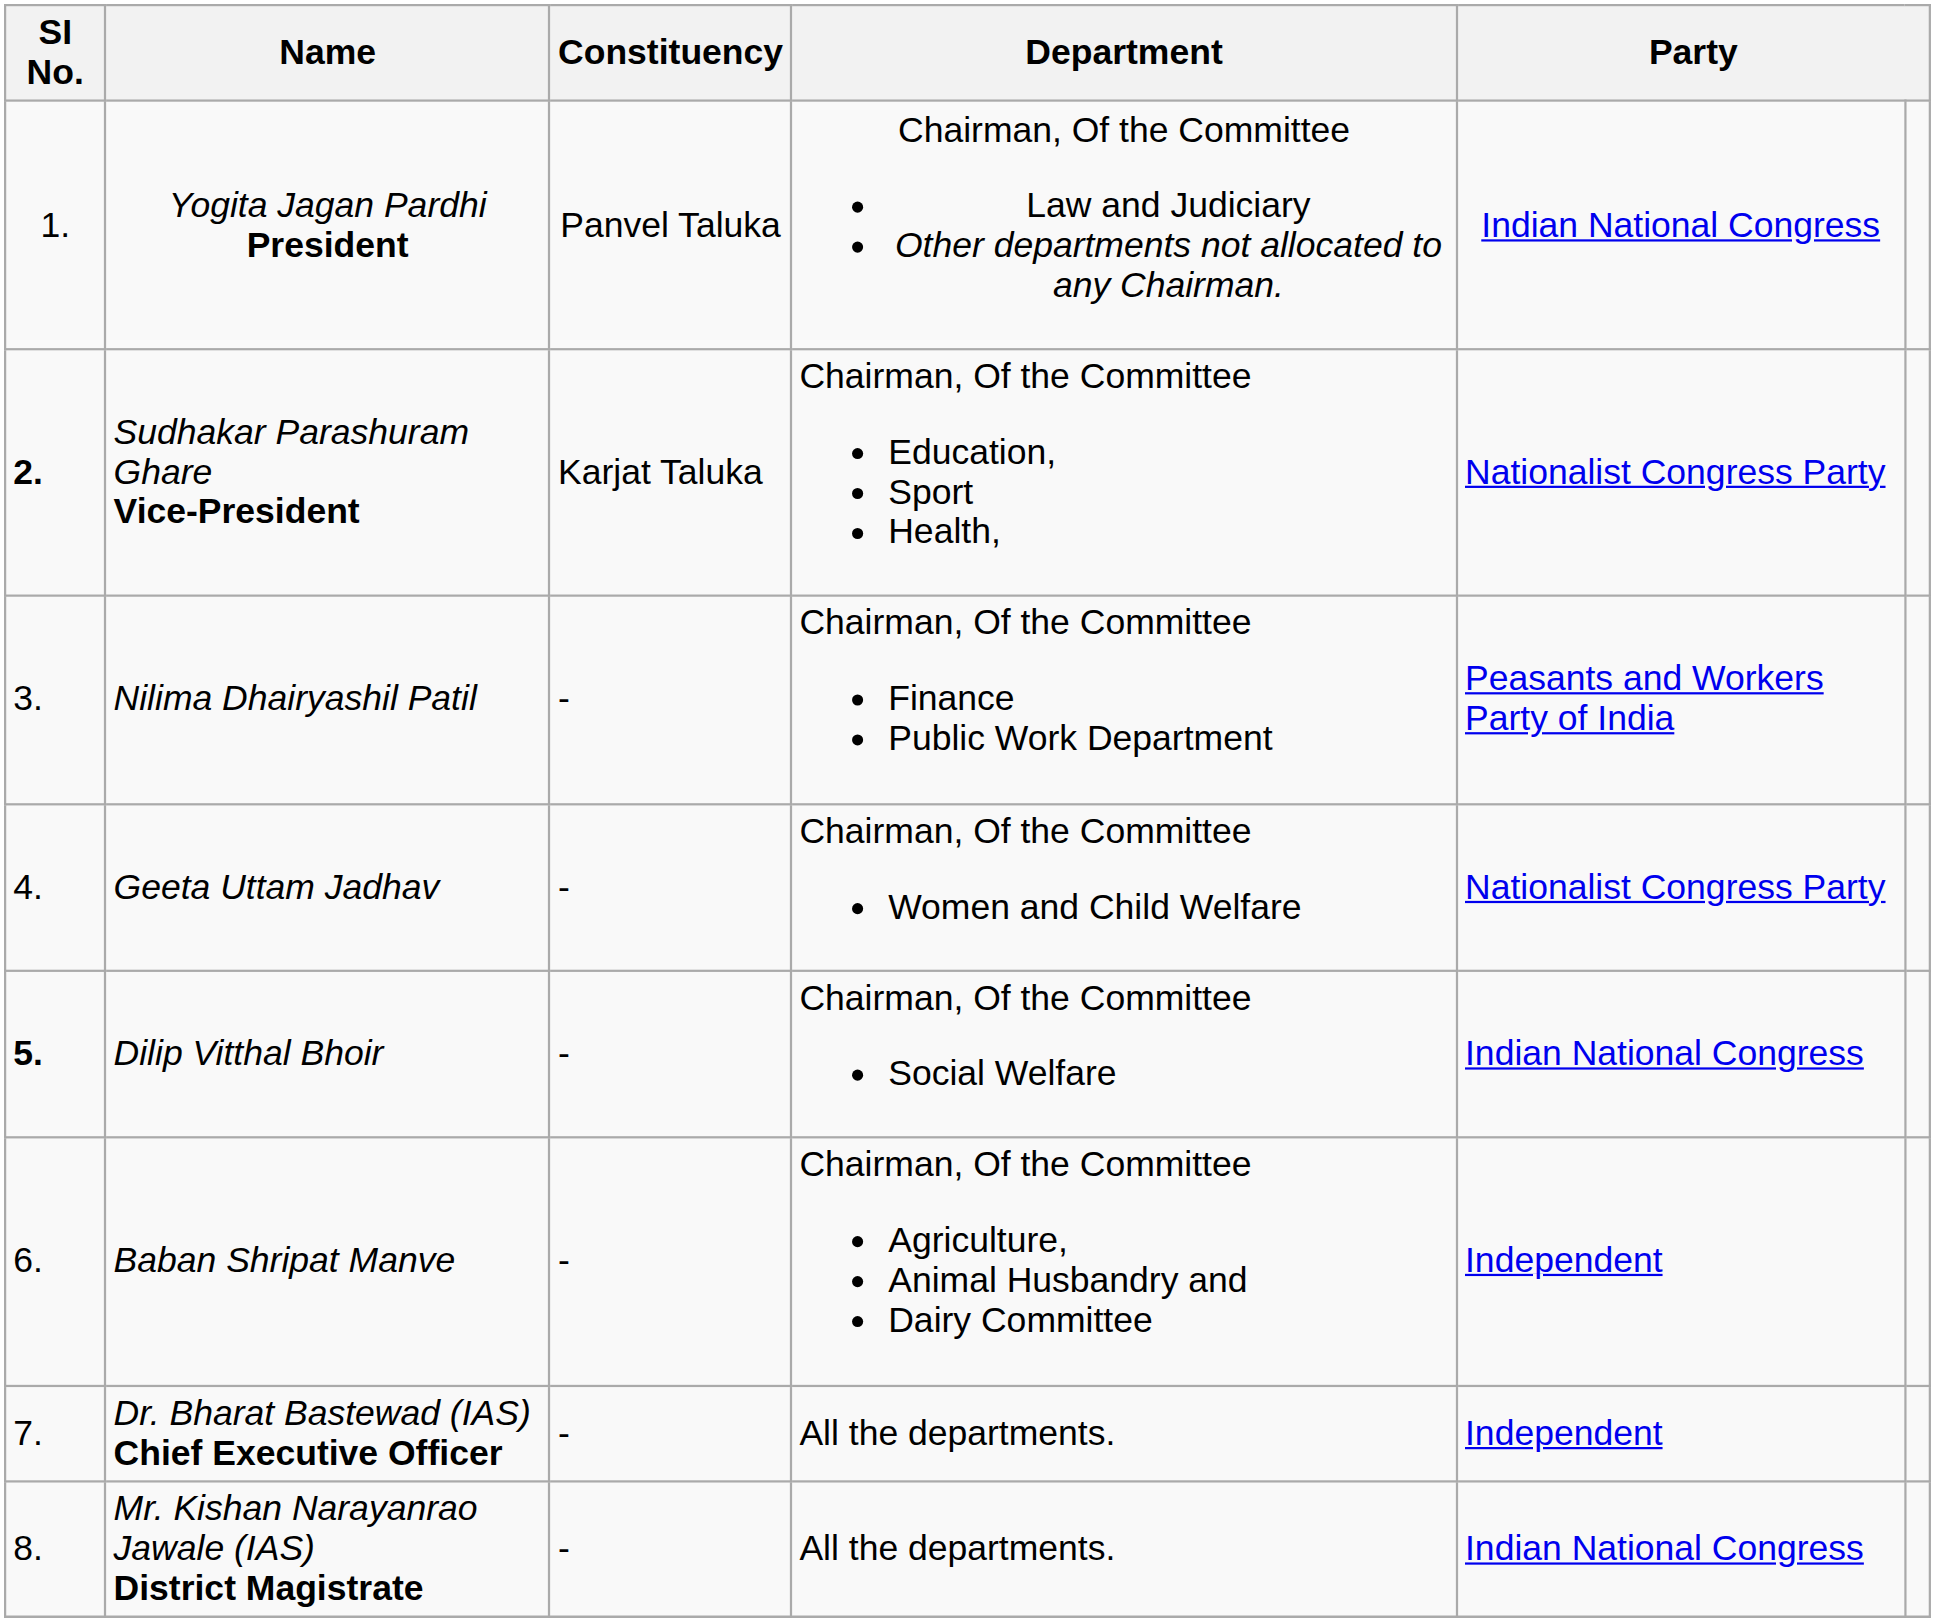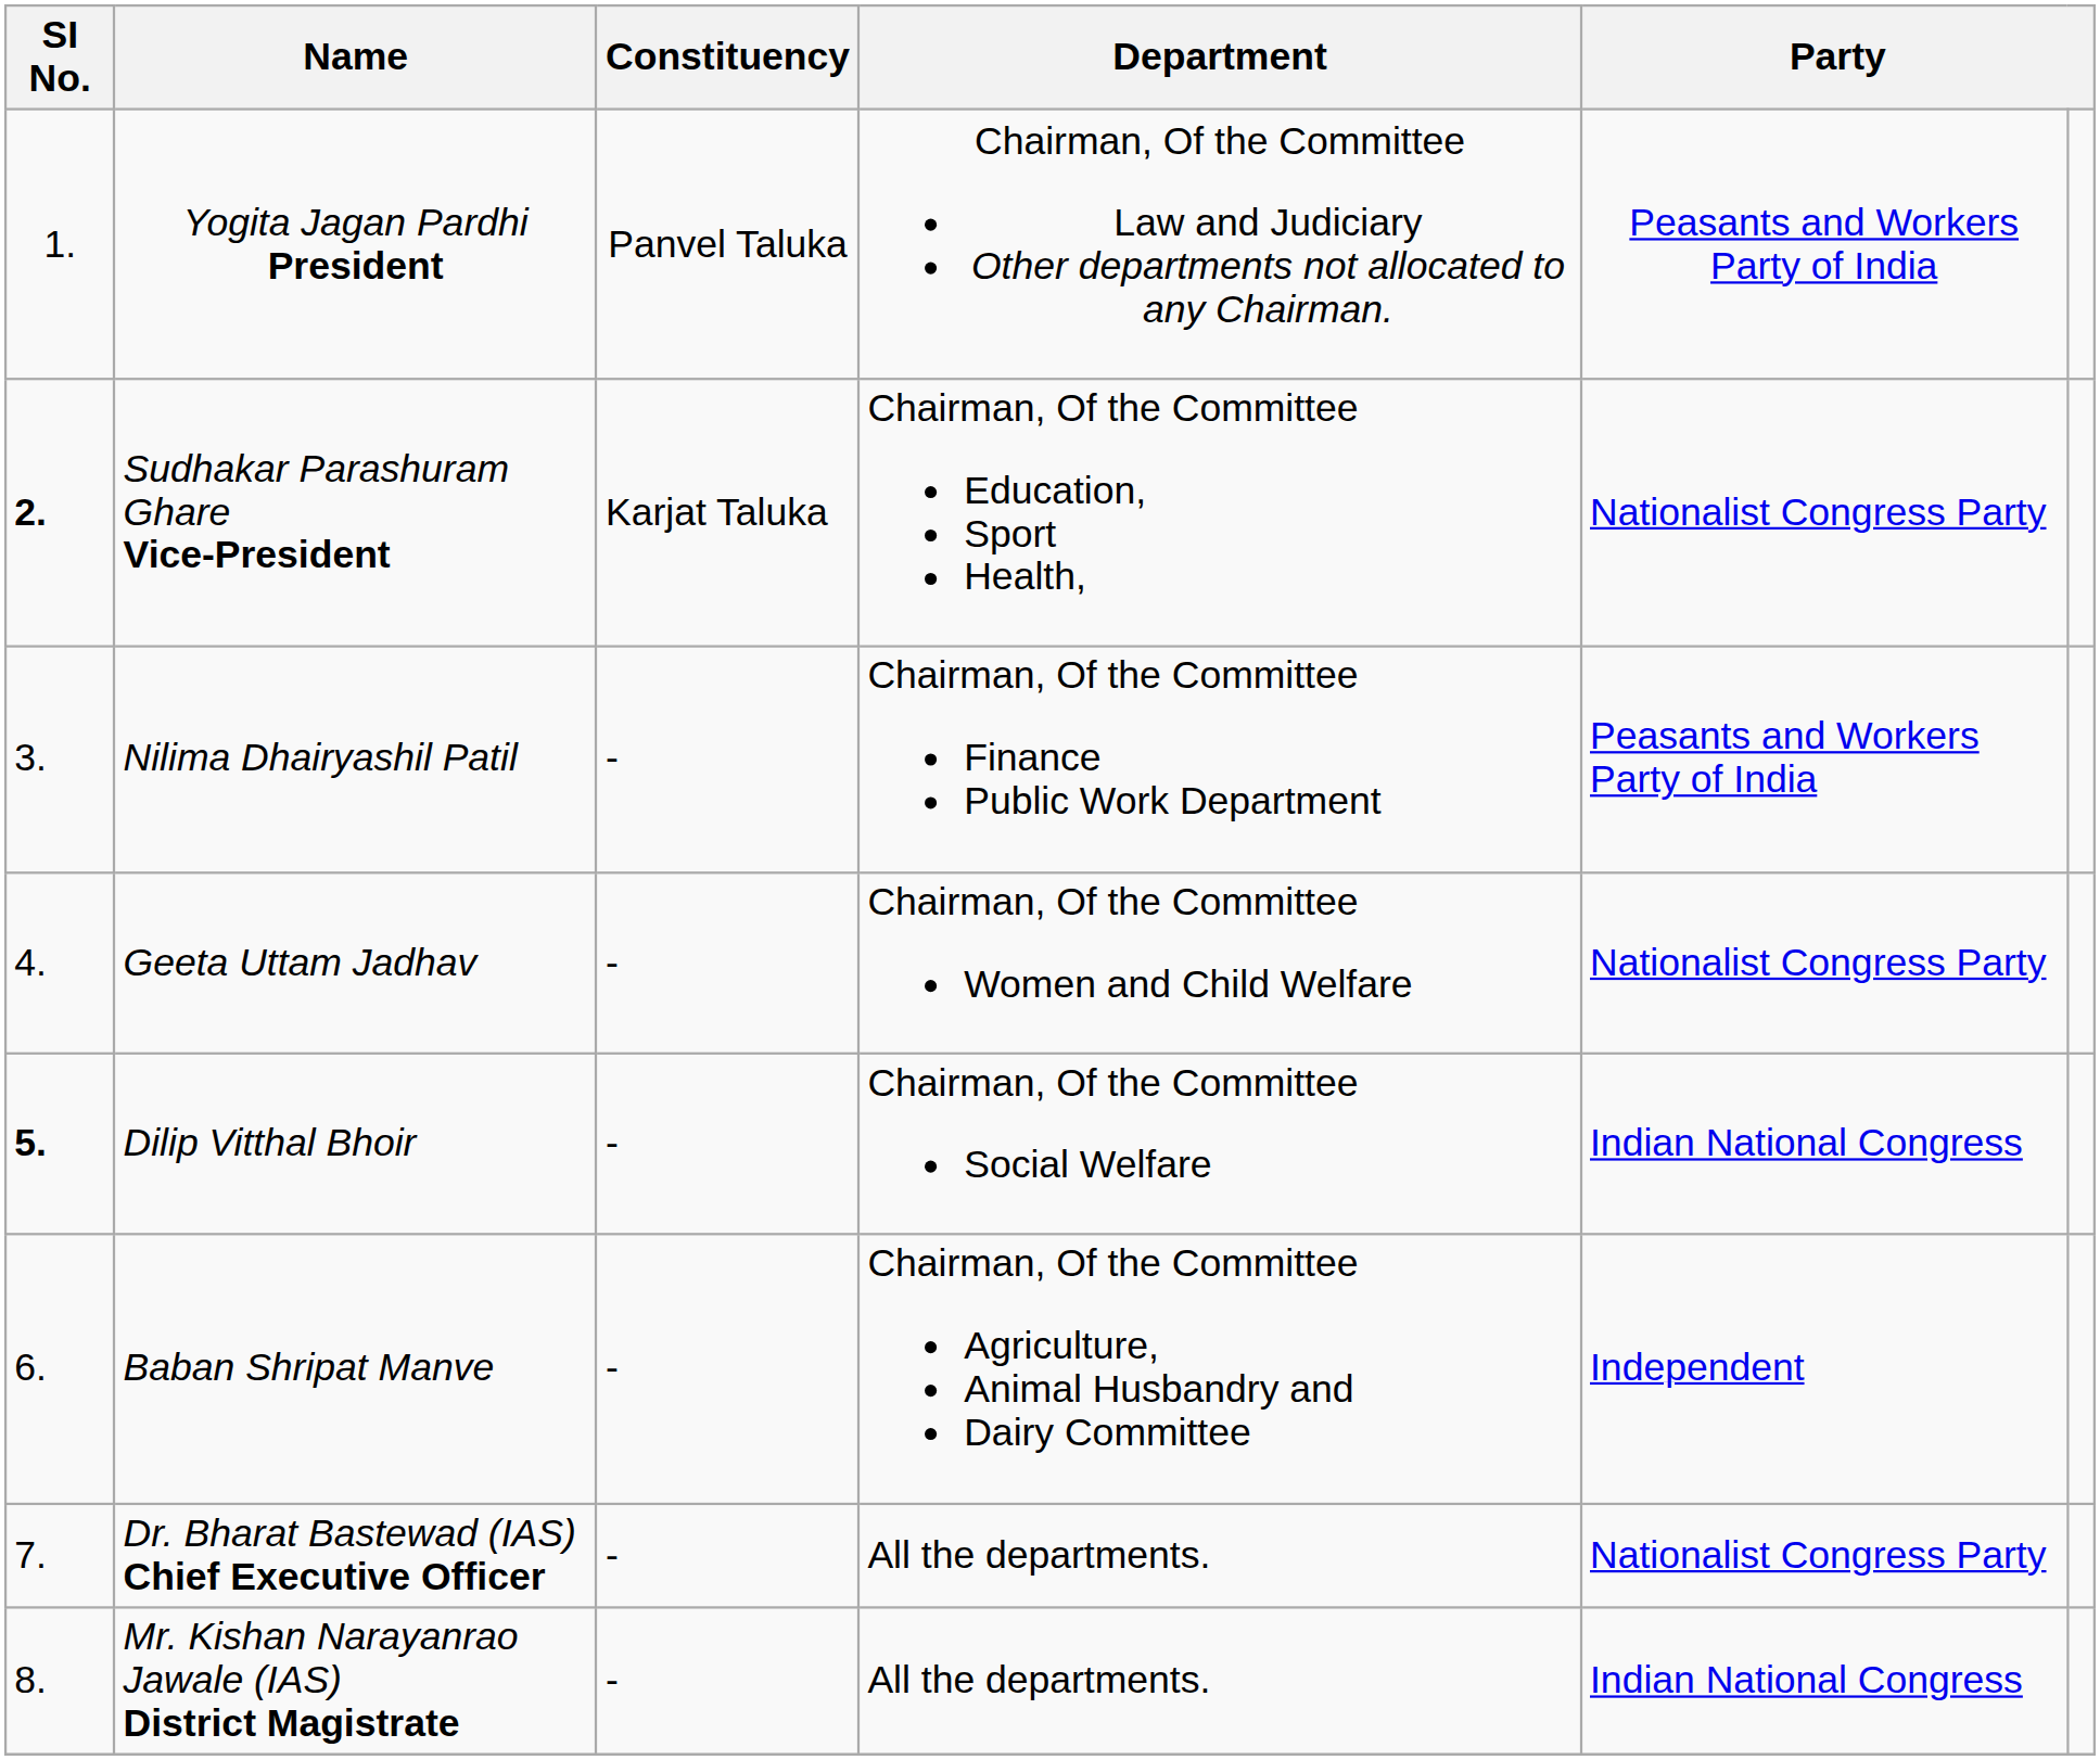 <table class="wikitable sortable">
 <tr>
 <th>SI No.</th>
 <th>Name</th>
 <th>Constituency</th>
 <th>Department</th>
 <th colspan="2" scope="col">Party</th>
 </tr>
 <tr style="text-align:center; height:60px;">
 <td>1.</td>
 <td><em>Yogita Jagan Pardhi</em><br><strong>President</strong></td>
 <td>Panvel Taluka</td>
 <td>Chairman, Of the Committee<br><ul><li>Law and Judiciary</li><li><em>Other departments not allocated to any Chairman.</em></li></ul></td>
-<td><a href='#'>Indian National Congress</a></td>
+<td><a href='#'>Peasants and Workers Party of India</a></td>
 <td width="4px"></td>
 </tr>
 <tr>
 <td><strong>2.</strong></td>
 <td><em>Sudhakar Parashuram Ghare</em><br><strong>Vice-President</strong></td>
 <td>Karjat Taluka</td>
 <td>Chairman, Of the Committee<br><ul><li>Education,</li><li>Sport</li><li>Health,</li></ul></td>
 <td><a href='#'>Nationalist Congress Party</a></td>
 <td width="4px"></td>
 </tr>
 <tr>
 <td>3.</td>
 <td><em>Nilima Dhairyashil Patil</em></td>
 <td>-</td>
 <td>Chairman, Of the Committee<br><ul><li>Finance</li><li>Public Work Department</li></ul></td>
 <td><a href='#'>Peasants and Workers Party of India</a></td>
 <td width="4px"></td>
 </tr>
 <tr>
 <td>4.</td>
 <td><em>Geeta Uttam Jadhav</em></td>
 <td>-</td>
 <td>Chairman, Of the Committee<br><ul><li>Women and Child Welfare</li></ul></td>
 <td><a href='#'>Nationalist Congress Party</a></td>
 <td width="4px"></td>
 </tr>
 <tr>
 <td><strong>5.</strong></td>
 <td><em>Dilip Vitthal Bhoir</em></td>
 <td>-</td>
 <td>Chairman, Of the Committee<br><ul><li>Social Welfare</li></ul></td>
 <td><a href='#'>Indian National Congress</a></td>
 <td width="4px"></td>
 </tr>
 <tr>
 <td>6.</td>
 <td><em>Baban Shripat Manve</em></td>
 <td>-</td>
 <td>Chairman, Of the Committee<br><ul><li>Agriculture,</li><li>Animal Husbandry and</li><li>Dairy Committee</li></ul></td>
 <td><a href='#'>Independent</a></td>
 <td width="4px"></td>
 </tr>
 <tr>
 <td>7.</td>
 <td><em>Dr. Bharat Bastewad (IAS)</em> <br><strong>Chief Executive Officer</strong></td>
 <td>-</td>
 <td>All the departments.</td>
-<td><a href='#'>Independent</a></td>
+<td><a href='#'>Nationalist Congress Party</a></td>
 <td width="4px"></td>
 </tr>
 <tr>
 <td>8.</td>
 <td><em>Mr. Kishan Narayanrao Jawale (IAS)</em><br><strong>District Magistrate</strong></td>
 <td>-</td>
 <td>All the departments.</td>
 <td><a href='#'>Indian National Congress</a></td>
 <td width="4px"></td>
 </tr>
 <tr>
 </tr>
 </table>
